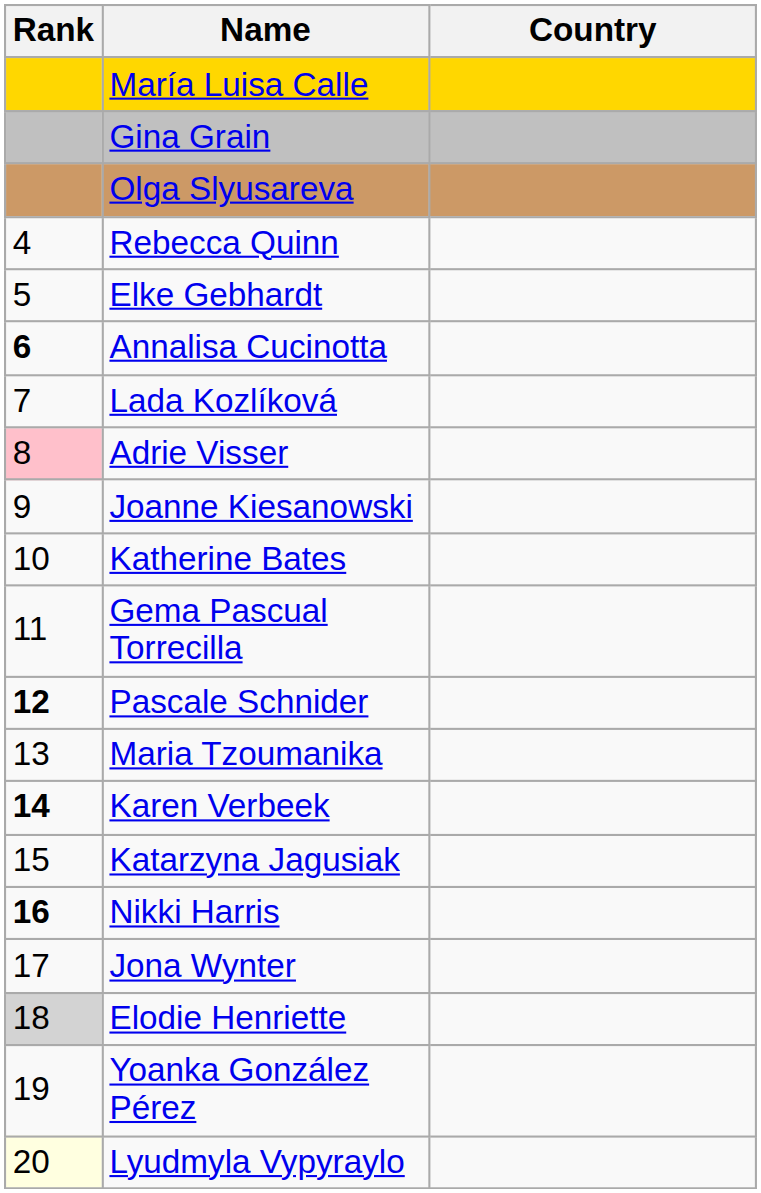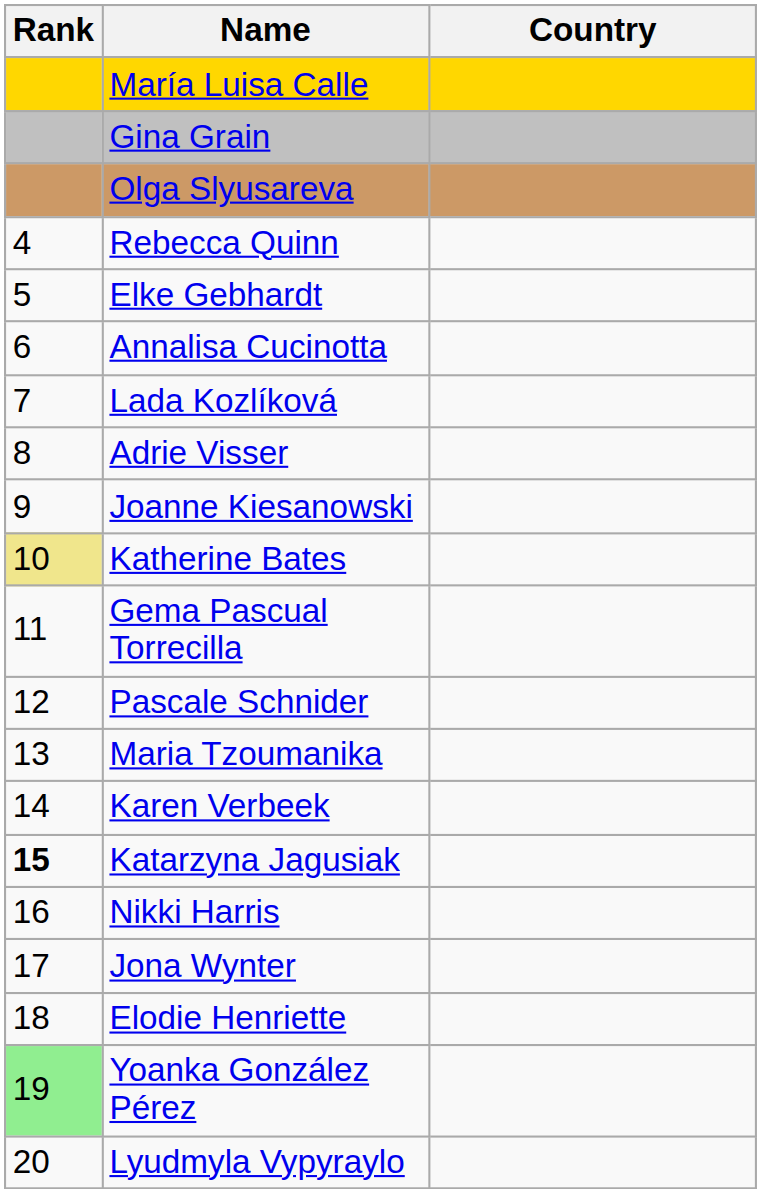 <table class="wikitable">
 <tr>
 <th width=20>Rank</th>
 <th width=150>Name</th>
 <th width=150>Country</th>
 </tr>
 <tr bgcolor=gold>
 <td></td>
 <td><a href='#'>María Luisa Calle</a></td>
 <td></td>
 </tr>
 <tr bgcolor=silver>
 <td></td>
 <td><a href='#'>Gina Grain</a></td>
 <td></td>
 </tr>
 <tr bgcolor=cc9966>
 <td></td>
 <td><a href='#'>Olga Slyusareva</a></td>
 <td></td>
 </tr>
 <tr>
 <td>4</td>
 <td><a href='#'>Rebecca Quinn</a></td>
 <td></td>
 </tr>
 <tr>
 <td>5</td>
 <td><a href='#'>Elke Gebhardt</a></td>
 <td></td>
 </tr>
 <tr>
-<td><strong>6</strong></td>
+<td>6</td>
 <td><a href='#'>Annalisa Cucinotta</a></td>
 <td></td>
 </tr>
 <tr>
 <td>7</td>
 <td><a href='#'>Lada Kozlíková</a></td>
 <td></td>
 </tr>
 <tr>
-<td style="background: pink;">8</td>
+<td>8</td>
 <td><a href='#'>Adrie Visser</a></td>
 <td></td>
 </tr>
 <tr>
 <td>9</td>
 <td><a href='#'>Joanne Kiesanowski</a></td>
 <td></td>
 </tr>
 <tr>
-<td>10</td>
+<td style="background: khaki;">10</td>
 <td><a href='#'>Katherine Bates</a></td>
 <td></td>
 </tr>
 <tr>
 <td>11</td>
 <td><a href='#'>Gema Pascual Torrecilla</a></td>
 <td></td>
 </tr>
 <tr>
-<td><strong>12</strong></td>
+<td>12</td>
 <td><a href='#'>Pascale Schnider</a></td>
 <td></td>
 </tr>
 <tr>
 <td>13</td>
 <td><a href='#'>Maria Tzoumanika</a></td>
 <td></td>
 </tr>
 <tr>
-<td><strong>14</strong></td>
+<td>14</td>
 <td><a href='#'>Karen Verbeek</a></td>
 <td></td>
 </tr>
 <tr>
-<td>15</td>
+<td><strong>15</strong></td>
 <td><a href='#'>Katarzyna Jagusiak</a></td>
 <td></td>
 </tr>
 <tr>
-<td><strong>16</strong></td>
+<td>16</td>
 <td><a href='#'>Nikki Harris</a></td>
 <td></td>
 </tr>
 <tr>
 <td>17</td>
 <td><a href='#'>Jona Wynter</a></td>
 <td></td>
 </tr>
 <tr>
-<td style="background: lightgrey;">18</td>
+<td>18</td>
 <td><a href='#'>Elodie Henriette</a></td>
 <td></td>
 </tr>
 <tr>
-<td>19</td>
+<td style="background: lightgreen;">19</td>
 <td><a href='#'>Yoanka González Pérez</a></td>
 <td></td>
 </tr>
 <tr>
-<td style="background: lightyellow;">20</td>
+<td>20</td>
 <td><a href='#'>Lyudmyla Vypyraylo</a></td>
 <td></td>
 </tr>
 <tr>
 </tr>
 </table>
